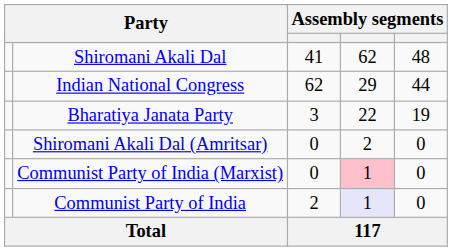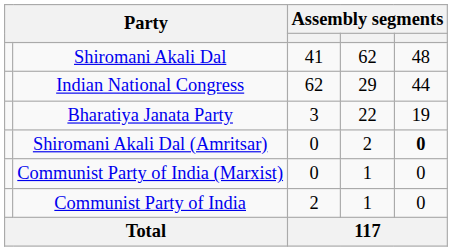 <table class="wikitable" style="text-align:center">
 <tr>
 <th colspan=2 rowspan=2>Party</th>
 <th colspan=3>Assembly segments</th>
 </tr>
 <tr>
 <th></th>
 <th></th>
 <th></th>
 </tr>
 <tr>
 <td></td>
 <td><a href='#'>Shiromani Akali Dal</a></td>
 <td>41</td>
 <td>62</td>
 <td>48</td>
 </tr>
 <tr>
 <td></td>
 <td><a href='#'>Indian National Congress</a></td>
 <td>62</td>
 <td>29</td>
 <td>44</td>
 </tr>
 <tr>
 <td></td>
 <td><a href='#'>Bharatiya Janata Party</a></td>
 <td>3</td>
 <td>22</td>
 <td>19</td>
 </tr>
 <tr>
 <td></td>
 <td><a href='#'>Shiromani Akali Dal (Amritsar)</a></td>
 <td>0</td>
 <td>2</td>
-<td>0</td>
+<td><strong>0</strong></td>
 </tr>
 <tr>
 <td></td>
 <td><a href='#'>Communist Party of India (Marxist)</a></td>
 <td>0</td>
-<td style="background: pink;">1</td>
+<td>1</td>
 <td>0</td>
 </tr>
 <tr>
 <td></td>
 <td><a href='#'>Communist Party of India</a></td>
 <td>2</td>
-<td style="background: lavender;">1</td>
+<td>1</td>
 <td>0</td>
 </tr>
 <tr>
 <th colspan="2">Total</th>
 <th colspan="3">117</th>
 </tr>
 </table>
